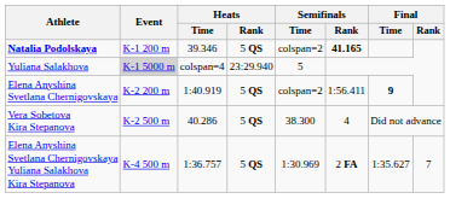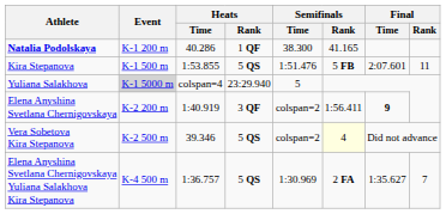 <table class="wikitable" style="text-align:center; font-size:90%">
 <tr>
 <th rowspan=2>Athlete</th>
 <th rowspan=2>Event</th>
 <th colspan=2>Heats</th>
 <th colspan=2>Semifinals</th>
 <th colspan=2>Final</th>
 </tr>
 <tr style="font-size:95%">
 <th>Time</th>
 <th>Rank</th>
 <th>Time</th>
 <th>Rank</th>
 <th>Time</th>
 <th>Rank</th>
 </tr>
 <tr>
 <td align=left><strong><a href='#'>Natalia Podolskaya</a></strong></td>
 <td align=left><a href='#'>K-1 200 m</a></td>
-<td>39.346</td>
+<td>40.286</td>
+<td>1 <strong>QF</strong></td>
+<td>38.300</td>
+<td>41.165</td>
+<td></td>
+</tr>
+<tr>
+<td align=left><a href='#'>Kira Stepanova</a></td>
+<td align=left><a href='#'>K-1 500 m</a></td>
+<td>1:53.855</td>
 <td>5 <strong>QS</strong></td>
-<td>colspan=2 </td>
-<td><strong>41.165</strong></td>
-<td></td>
+<td>1:51.476</td>
+<td>5 <strong>FB</strong></td>
+<td>2:07.601</td>
+<td>11</td>
 </tr>
 <tr>
 <td align=left><a href='#'>Yuliana Salakhova</a></td>
 <td align=left style="background: lightgrey;"><a href='#'>K-1 5000 m</a></td>
 <td>colspan=4 </td>
 <td>23:29.940</td>
 <td>5</td>
 </tr>
 <tr>
 <td align=left><a href='#'>Elena Anyshina</a><br><a href='#'>Svetlana Chernigovskaya</a></td>
 <td align=left><a href='#'>K-2 200 m</a></td>
 <td>1:40.919</td>
-<td>5 <strong>QS</strong></td>
+<td>3 <strong>QF</strong></td>
 <td>colspan=2 </td>
 <td>1:56.411</td>
 <td><strong>9</strong></td>
 </tr>
 <tr>
 <td align=left><a href='#'>Vera Sobetova</a><br><a href='#'>Kira Stepanova</a></td>
 <td align=left><a href='#'>K-2 500 m</a></td>
-<td>40.286</td>
+<td>39.346</td>
 <td>5 <strong>QS</strong></td>
-<td>38.300</td>
-<td>4</td>
+<td>colspan=2 </td>
+<td style="background: lightyellow;">4</td>
 <td colspan=2>Did not advance</td>
 </tr>
 <tr>
 <td align=left><a href='#'>Elena Anyshina</a><br><a href='#'>Svetlana Chernigovskaya</a><br><a href='#'>Yuliana Salakhova</a><br><a href='#'>Kira Stepanova</a></td>
 <td align=left><a href='#'>K-4 500 m</a></td>
 <td>1:36.757</td>
 <td>5 <strong>QS</strong></td>
 <td>1:30.969</td>
 <td>2 <strong>FA</strong></td>
 <td>1:35.627</td>
 <td>7</td>
 </tr>
 </table>
